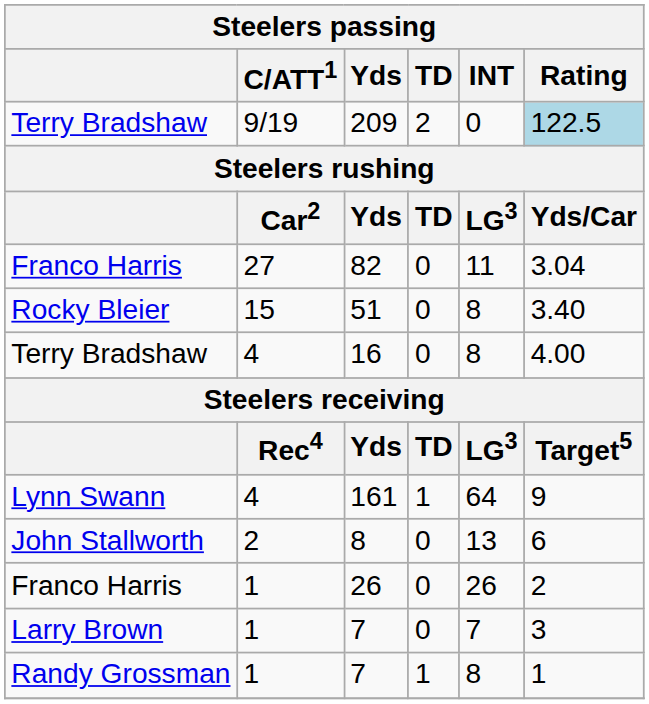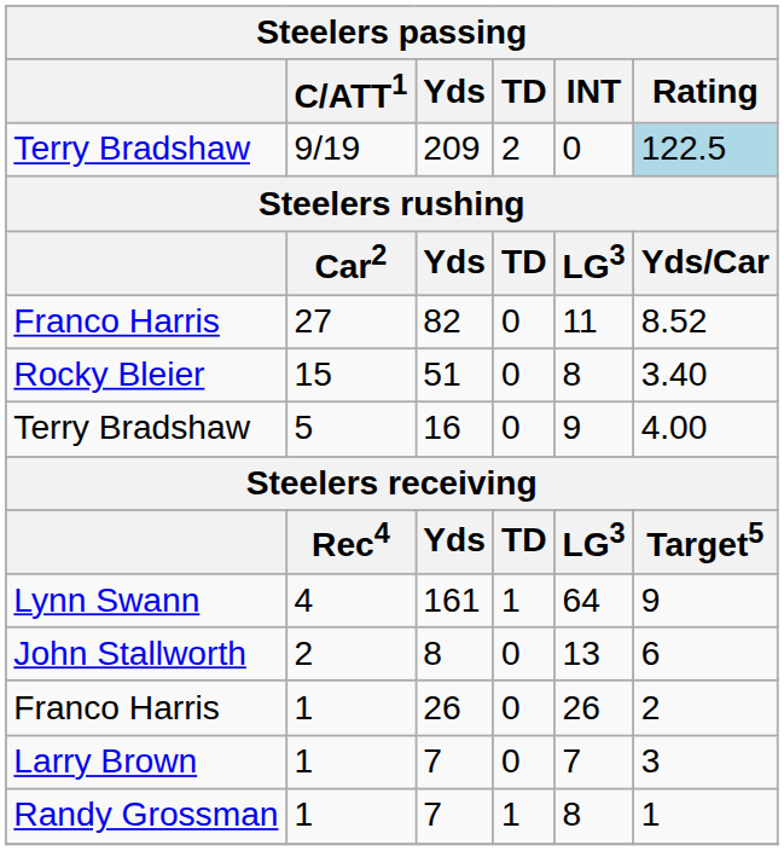 <table class="wikitable">
 <tr>
 <th colspan="6">Steelers passing</th>
 </tr>
 <tr>
 <th></th>
 <th>C/ATT<sup>1</sup></th>
 <th>Yds</th>
 <th>TD</th>
 <th>INT</th>
 <th>Rating</th>
 </tr>
 <tr>
 <td><a href='#'>Terry Bradshaw</a></td>
 <td>9/19</td>
 <td>209</td>
 <td>2</td>
 <td>0</td>
 <td style="background: lightblue;">122.5</td>
 </tr>
 <tr>
 <th colspan="6">Steelers rushing</th>
 </tr>
 <tr>
 <th></th>
 <th>Car<sup>2</sup></th>
 <th>Yds</th>
 <th>TD</th>
 <th>LG<sup>3</sup></th>
 <th>Yds/Car</th>
 </tr>
 <tr>
 <td><a href='#'>Franco Harris</a></td>
 <td>27</td>
 <td>82</td>
 <td>0</td>
 <td>11</td>
-<td>3.04</td>
+<td>8.52</td>
 </tr>
 <tr>
 <td><a href='#'>Rocky Bleier</a></td>
 <td>15</td>
 <td>51</td>
 <td>0</td>
 <td>8</td>
 <td>3.40</td>
 </tr>
 <tr>
 <td>Terry Bradshaw</td>
-<td>4</td>
+<td>5</td>
 <td>16</td>
 <td>0</td>
-<td>8</td>
+<td>9</td>
 <td>4.00</td>
 </tr>
 <tr>
 <th colspan="6">Steelers receiving</th>
 </tr>
 <tr>
 <th></th>
 <th>Rec<sup>4</sup></th>
 <th>Yds</th>
 <th>TD</th>
 <th>LG<sup>3</sup></th>
 <th>Target<sup>5</sup></th>
 </tr>
 <tr>
 <td><a href='#'>Lynn Swann</a></td>
 <td>4</td>
 <td>161</td>
 <td>1</td>
 <td>64</td>
 <td>9</td>
 </tr>
 <tr>
 <td><a href='#'>John Stallworth</a></td>
 <td>2</td>
 <td>8</td>
 <td>0</td>
 <td>13</td>
 <td>6</td>
 </tr>
 <tr>
 <td>Franco Harris</td>
 <td>1</td>
 <td>26</td>
 <td>0</td>
 <td>26</td>
 <td>2</td>
 </tr>
 <tr>
 <td><a href='#'>Larry Brown</a></td>
 <td>1</td>
 <td>7</td>
 <td>0</td>
 <td>7</td>
 <td>3</td>
 </tr>
 <tr>
 <td><a href='#'>Randy Grossman</a></td>
 <td>1</td>
 <td>7</td>
 <td>1</td>
 <td>8</td>
 <td>1</td>
 </tr>
 <tr>
 </tr>
 </table>
